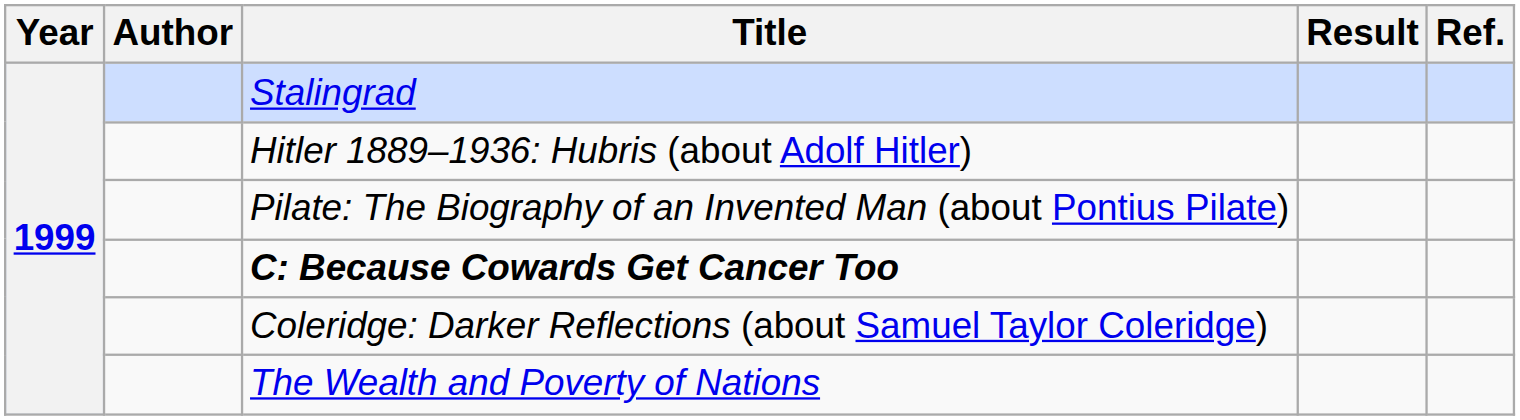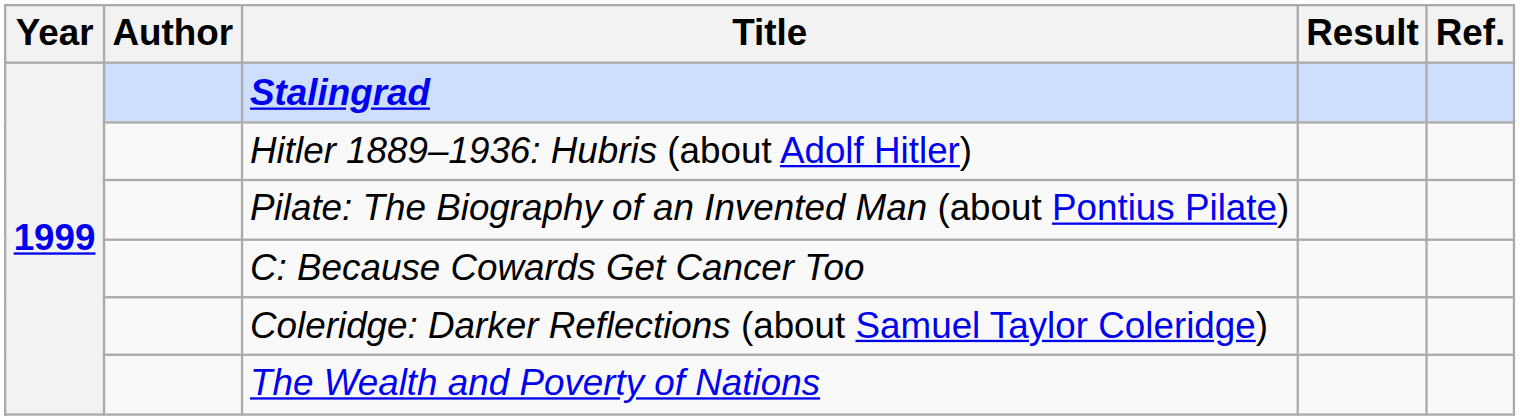 <table class="wikitable sortable mw-collapsible">
 <tr>
 <th>Year</th>
 <th>Author</th>
 <th>Title</th>
 <th>Result</th>
 <th>Ref.</th>
 </tr>
 <tr style="background:#cddeff">
 <th rowspan="6"><a href='#'>1999</a></th>
 <td></td>
-<td><em><a href='#'>Stalingrad</a></em></td>
+<td><strong><em><a href='#'>Stalingrad</a></em></strong></td>
 <td></td>
 <td></td>
 </tr>
 <tr>
 <td></td>
 <td><em>Hitler 1889–1936: Hubris</em> (about <a href='#'>Adolf Hitler</a>)</td>
 <td></td>
 <td></td>
 </tr>
 <tr>
 <td></td>
 <td><em>Pilate: The Biography of an Invented Man</em> (about <a href='#'>Pontius Pilate</a>)</td>
 <td></td>
 <td></td>
 </tr>
 <tr>
 <td></td>
-<td><strong><em>C: Because Cowards Get Cancer Too</em></strong></td>
+<td><em>C: Because Cowards Get Cancer Too</em></td>
 <td></td>
 <td></td>
 </tr>
 <tr>
 <td></td>
 <td><em>Coleridge: Darker Reflections</em> (about <a href='#'>Samuel Taylor Coleridge</a>)</td>
 <td></td>
 <td></td>
 </tr>
 <tr>
 <td></td>
 <td><em><a href='#'>The Wealth and Poverty of Nations</a></em></td>
 <td></td>
 <td></td>
 </tr>
 </table>
